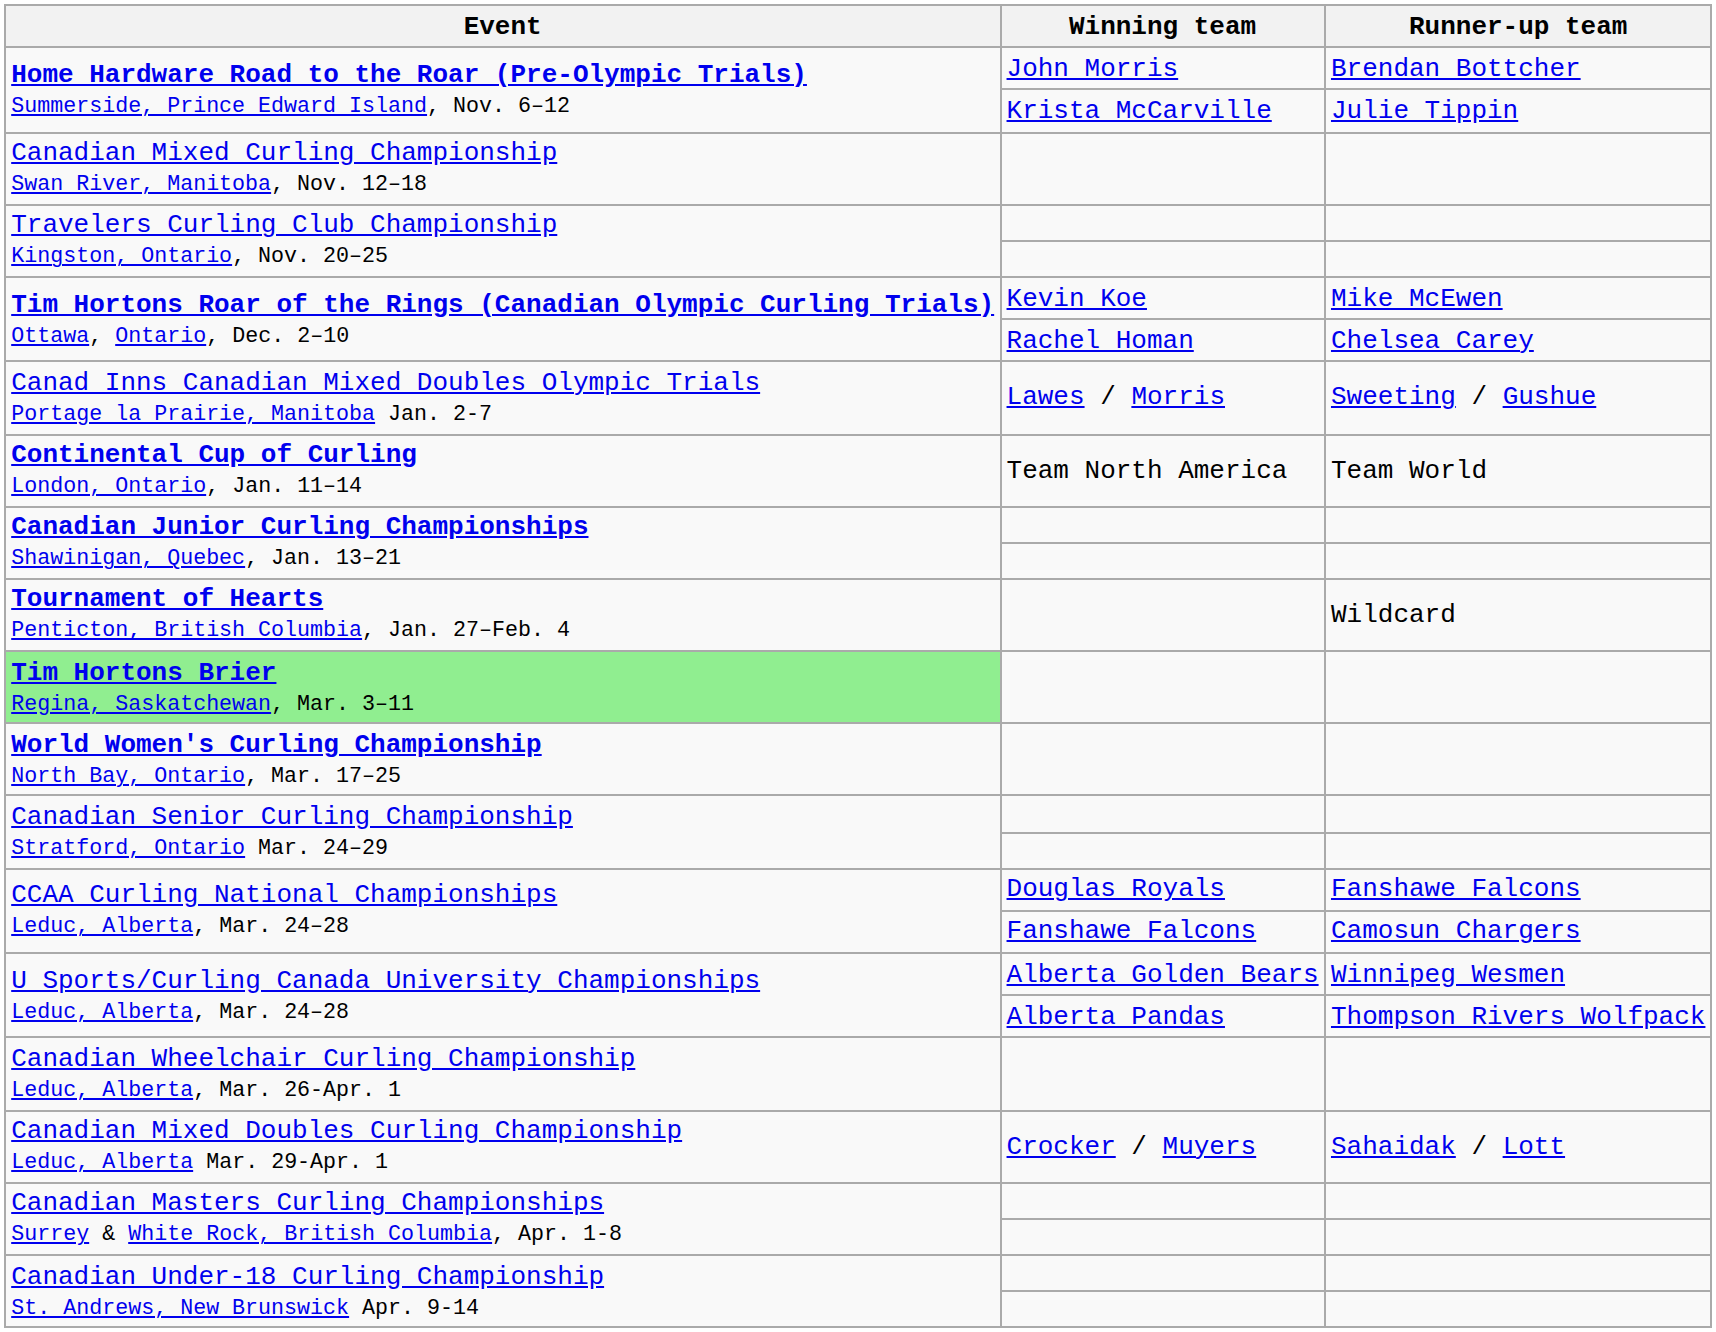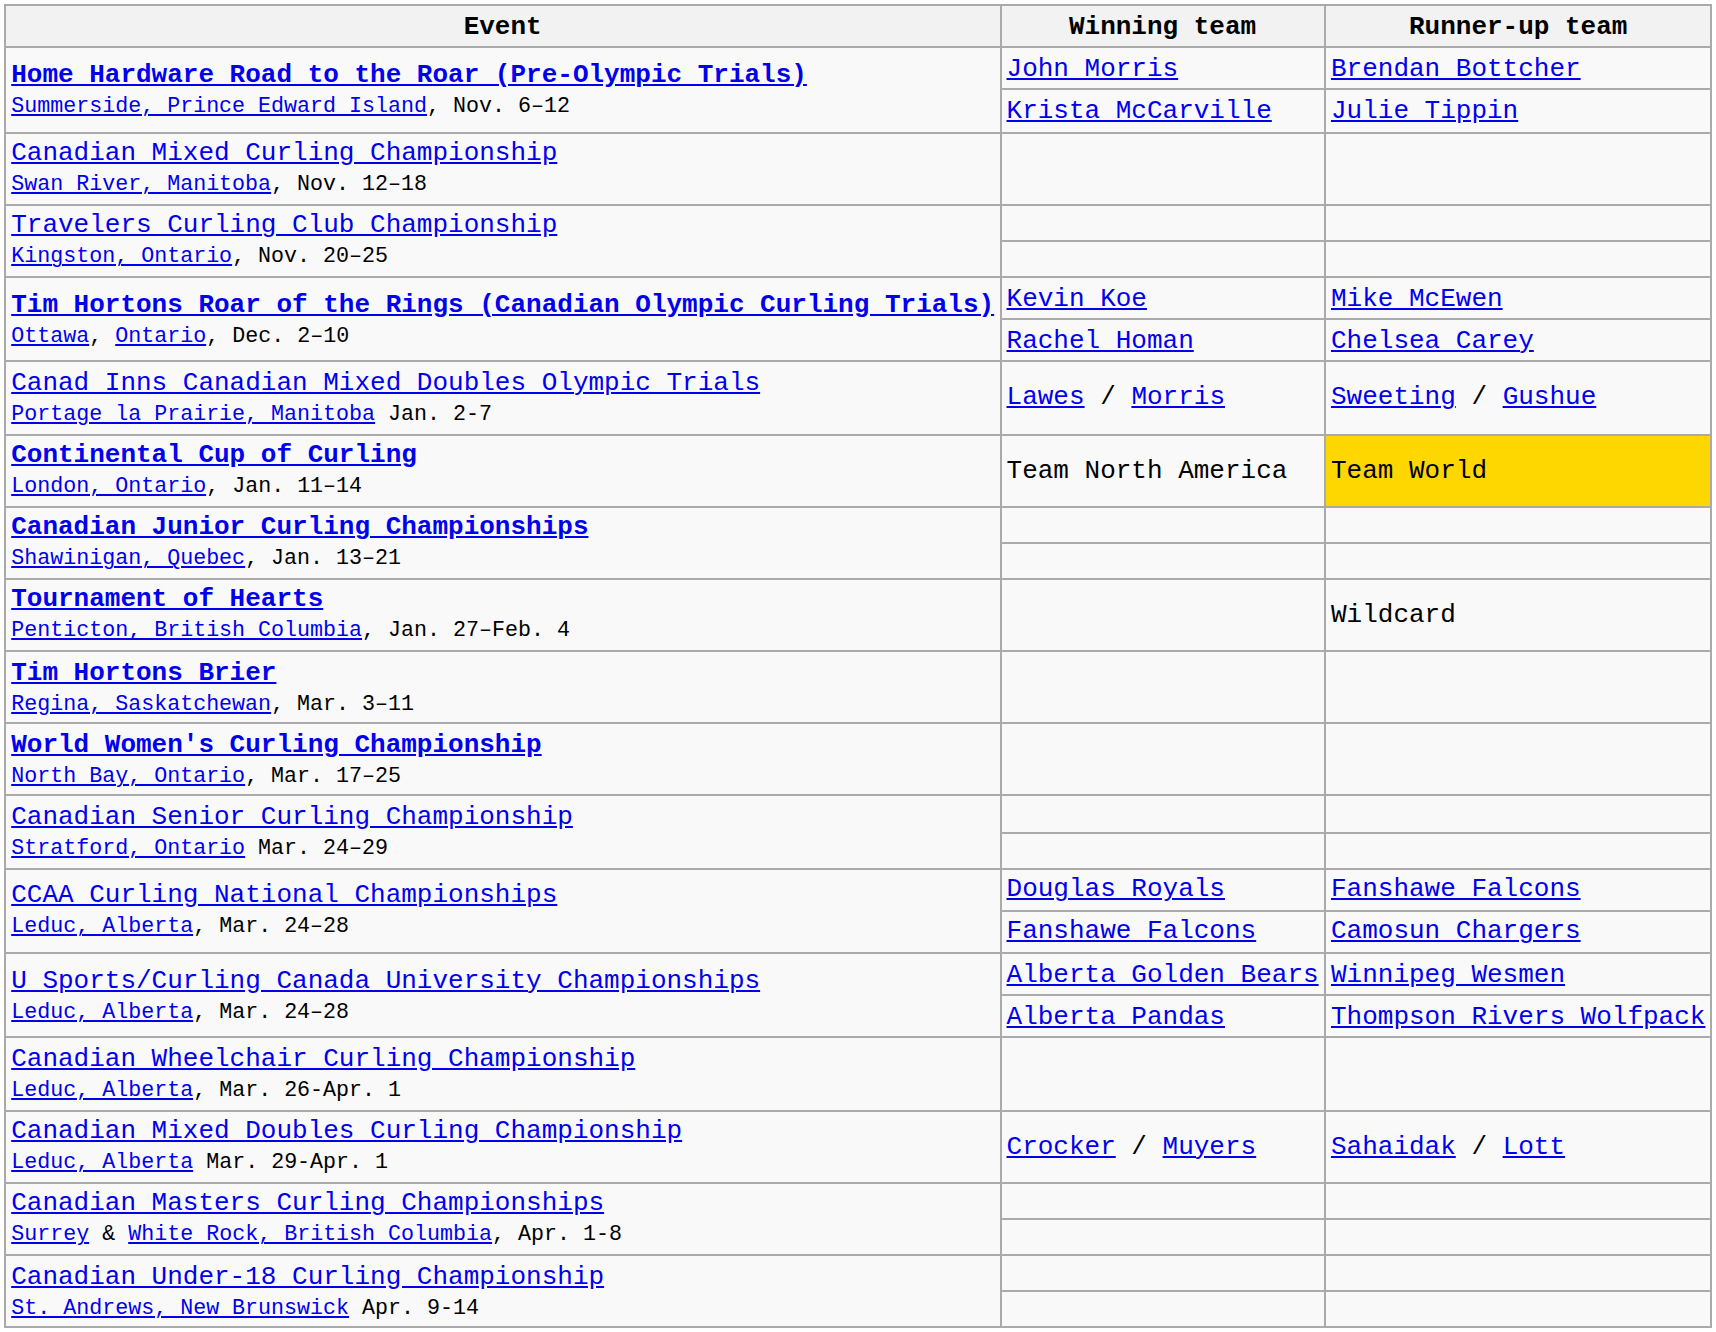 <table class="wikitable" style="white-space:nowrap;">
 <tr>
 <th>Event</th>
 <th colspan=2>Winning team</th>
 <th>Runner-up team</th>
 </tr>
 <tr>
 <td rowspan=2><strong><a href='#'>Home Hardware Road to the Roar (Pre-Olympic Trials)</a></strong> <br> <small><a href='#'>Summerside, Prince Edward Island</a>, Nov. 6–12</small></td>
 <td colspan=2> <a href='#'>John Morris</a></td>
 <td> <a href='#'>Brendan Bottcher</a></td>
 </tr>
 <tr>
 <td colspan=2> <a href='#'>Krista McCarville</a></td>
 <td> <a href='#'>Julie Tippin</a></td>
 </tr>
 <tr>
 <td><a href='#'>Canadian Mixed Curling Championship</a> <br> <small><a href='#'>Swan River, Manitoba</a>, Nov. 12–18</small></td>
 <td colspan=2></td>
 <td></td>
 </tr>
 <tr>
 <td rowspan=2><a href='#'>Travelers Curling Club Championship</a> <br> <small><a href='#'>Kingston, Ontario</a>, Nov. 20–25</small></td>
 <td colspan=2></td>
 <td></td>
 </tr>
 <tr>
 <td colspan=2></td>
 <td></td>
 </tr>
 <tr>
 <td rowspan=2><strong><a href='#'>Tim Hortons Roar of the Rings (Canadian Olympic Curling Trials)</a></strong> <br> <small><a href='#'>Ottawa</a>, <a href='#'>Ontario</a>, Dec. 2–10</small></td>
 <td colspan=2> <a href='#'>Kevin Koe</a></td>
 <td> <a href='#'>Mike McEwen</a></td>
 </tr>
 <tr>
 <td colspan=2> <a href='#'>Rachel Homan</a></td>
 <td> <a href='#'>Chelsea Carey</a></td>
 </tr>
 <tr>
 <td><a href='#'>Canad Inns Canadian Mixed Doubles Olympic Trials</a> <br>  <small><a href='#'>Portage la Prairie, Manitoba</a> Jan. 2-7</small></td>
 <td colspan="2"> <a href='#'>Lawes</a> / <a href='#'>Morris</a></td>
 <td> <a href='#'>Sweeting</a> / <a href='#'>Gushue</a></td>
 </tr>
 <tr>
 <td><strong><a href='#'>Continental Cup of Curling</a></strong> <br> <small><a href='#'>London, Ontario</a>, Jan. 11–14</small></td>
 <td colspan=2> Team North America</td>
-<td> Team World</td>
+<td style="background: gold;"> Team World</td>
 </tr>
 <tr>
 <td rowspan=2><strong><a href='#'>Canadian Junior Curling Championships</a></strong> <br> <small><a href='#'>Shawinigan, Quebec</a>, Jan. 13–21</small></td>
 <td colspan=2></td>
 <td></td>
 </tr>
 <tr>
 <td colspan=2></td>
 <td></td>
 </tr>
 <tr>
 <td><strong><a href='#'>Tournament of Hearts</a></strong> <br> <small><a href='#'>Penticton, British Columbia</a>, Jan. 27–Feb. 4</small></td>
 <td colspan=2></td>
 <td> Wildcard</td>
 </tr>
 <tr>
-<td style="background: lightgreen;"><strong><a href='#'>Tim Hortons Brier</a></strong> <br> <small><a href='#'>Regina, Saskatchewan</a>, Mar. 3–11</small></td>
+<td><strong><a href='#'>Tim Hortons Brier</a></strong> <br> <small><a href='#'>Regina, Saskatchewan</a>, Mar. 3–11</small></td>
 <td colspan=2></td>
 <td></td>
 </tr>
 <tr>
 <td><strong><a href='#'>World Women's Curling Championship</a></strong> <br> <small><a href='#'>North Bay, Ontario</a>, Mar. 17–25</small></td>
 <td colspan=2></td>
 <td></td>
 </tr>
 <tr>
 <td rowspan=2><a href='#'>Canadian Senior Curling Championship</a> <br> <small><a href='#'>Stratford, Ontario</a> Mar. 24–29</small></td>
 <td colspan=2></td>
 <td></td>
 </tr>
 <tr>
 <td colspan=2></td>
 <td></td>
 </tr>
 <tr>
 <td rowspan=2><a href='#'>CCAA Curling National Championships</a> <br> <small><a href='#'>Leduc, Alberta</a>, Mar. 24–28</small></td>
 <td colspan=2> <a href='#'>Douglas Royals</a></td>
 <td> <a href='#'>Fanshawe Falcons</a></td>
 </tr>
 <tr>
 <td colspan=2> <a href='#'>Fanshawe Falcons</a></td>
 <td> <a href='#'>Camosun Chargers</a></td>
 </tr>
 <tr>
 <td rowspan=2><a href='#'>U Sports/Curling Canada University Championships</a> <br> <small><a href='#'>Leduc, Alberta</a>, Mar. 24–28</small></td>
 <td colspan=2> <a href='#'>Alberta Golden Bears</a></td>
 <td> <a href='#'>Winnipeg Wesmen</a></td>
 </tr>
 <tr>
 <td colspan=2> <a href='#'>Alberta Pandas</a></td>
 <td> <a href='#'>Thompson Rivers Wolfpack</a></td>
 </tr>
 <tr>
 <td><a href='#'>Canadian Wheelchair Curling Championship</a> <br> <small><a href='#'>Leduc, Alberta</a>, Mar. 26-Apr. 1</small></td>
 <td colspan=2></td>
 <td></td>
 </tr>
 <tr>
 <td><a href='#'>Canadian Mixed Doubles Curling Championship</a> <br>  <small><a href='#'>Leduc, Alberta</a> Mar. 29-Apr. 1</small></td>
 <td colspan="2"> <a href='#'>Crocker</a> / <a href='#'>Muyers</a></td>
 <td> <a href='#'>Sahaidak</a> / <a href='#'>Lott</a></td>
 </tr>
 <tr>
 <td rowspan=2><a href='#'>Canadian Masters Curling Championships</a> <br> <small><a href='#'>Surrey</a> & <a href='#'>White Rock, British Columbia</a>, Apr. 1-8</small></td>
 <td colspan=2></td>
 <td></td>
 </tr>
 <tr>
 <td colspan=2></td>
 <td></td>
 </tr>
 <tr>
 <td rowspan=2><a href='#'>Canadian Under-18 Curling Championship</a> <br> <small><a href='#'>St. Andrews, New Brunswick</a> Apr. 9-14 </small></td>
 <td colspan=2></td>
 <td></td>
 </tr>
 <tr>
 <td colspan=2></td>
 <td></td>
 </tr>
 </table>
